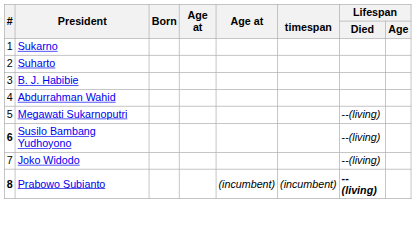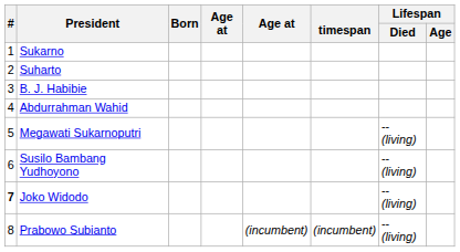 <table class="sortable wikitable">
 <tr>
 <th rowspan=2><abbr>#</abbr></th>
 <th rowspan=2>President</th>
 <th rowspan=2>Born</th>
 <th rowspan=2>Age at<br></th>
 <th rowspan=2>Age at<br></th>
 <th rowspan=2><br>timespan</th>
 <th colspan=2>Lifespan</th>
 </tr>
 <tr>
 <th>Died</th>
 <th>Age</th>
 </tr>
 <tr style="text-align: left; background:#FFFFFF">
 <td>1</td>
 <td><a href='#'>Sukarno</a></td>
 <td></td>
 <td><br></td>
 <td><br></td>
 <td></td>
 <td></td>
 <td></td>
 </tr>
 <tr style="text-align: left; background:#FFFFFF">
 <td>2</td>
 <td><a href='#'>Suharto</a></td>
 <td></td>
 <td><br></td>
 <td><br></td>
 <td></td>
 <td></td>
 <td></td>
 </tr>
 <tr style="text-align: left; background:#FFFFFF">
 <td>3</td>
 <td data-sort-value="Bacharudin"><a href='#'>B. J. Habibie</a></td>
 <td></td>
 <td><br></td>
 <td><br></td>
 <td></td>
 <td></td>
 <td></td>
 </tr>
 <tr style="text-align: left; background:#FFFFFF">
 <td>4</td>
 <td data-sort-value="Abdurrahman"><a href='#'>Abdurrahman Wahid</a></td>
 <td></td>
 <td><br></td>
 <td><br></td>
 <td></td>
 <td></td>
 <td></td>
 </tr>
 <tr style="text-align: left; background:#FFFFFF">
 <td>5</td>
 <td data-sort-value="Megawati"><a href='#'>Megawati Sukarnoputri</a></td>
 <td></td>
 <td><br></td>
 <td><br></td>
 <td></td>
 <td><span>--</span><em>(living)</em></td>
 <td><em></em></td>
 </tr>
 <tr style="text-align: left; background:#FFFFFF">
-<td><strong>6</strong></td>
+<td>6</td>
 <td data-sort-value="Susilo"><a href='#'>Susilo Bambang Yudhoyono</a></td>
 <td></td>
 <td><br></td>
 <td><br></td>
 <td></td>
 <td><span>--</span><em>(living)</em></td>
 <td><em></em></td>
 </tr>
 <tr style="text-align: left; background:#FFFFFF">
-<td>7</td>
+<td><strong>7</strong></td>
 <td data-sort-value="Joko"><a href='#'>Joko Widodo</a></td>
 <td></td>
 <td><br></td>
 <td><br></td>
 <td></td>
 <td><span>--</span><em>(living)</em></td>
 <td><em></em></td>
 </tr>
 <tr style="text-align: left; background:#FFFFFF">
-<td><strong>8</strong></td>
+<td>8</td>
 <td data-sort-value="Prabowo"><a href='#'>Prabowo Subianto</a></td>
 <td></td>
 <td><br></td>
 <td><em>(incumbent)</em></td>
 <td><em>(incumbent)</em></td>
-<td><strong><span>--</span><em>(living)</em></strong></td>
+<td><span>--</span><em>(living)</em></td>
 <td><em></em></td>
 </tr>
 </table>
